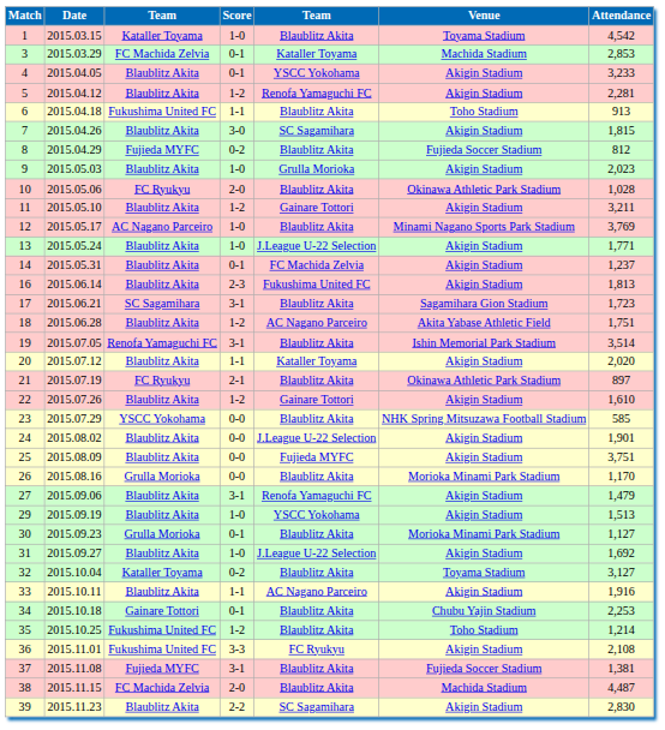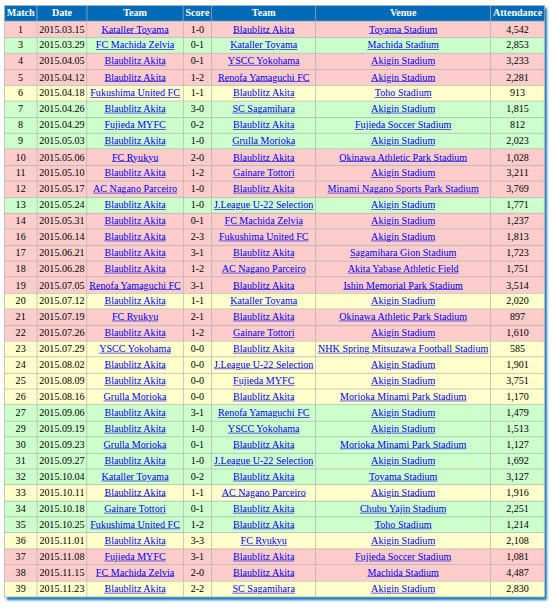 <table class="wikitable" border="double #006AB6" style="text-align:center; white-space:nowrap; box-shadow: 4px 4px 4px #006AB6">
 <tr style="background-color:#006AB6; color:#FFF; font-weight:bold;">
 <td>Match</td>
 <td>Date</td>
 <td>Team</td>
 <td>Score</td>
 <td>Team</td>
 <td>Venue</td>
 <td>Attendance</td>
 </tr>
 <tr style="background-color: #FFCCCC;">
 <td>1</td>
 <td>2015.03.15</td>
 <td><a href='#'>Kataller Toyama</a></td>
 <td>1-0</td>
 <td><a href='#'>Blaublitz Akita</a></td>
 <td><a href='#'>Toyama Stadium</a></td>
 <td>4,542</td>
 </tr>
 <tr style="background-color: #CCFFCC;">
 <td>3</td>
 <td>2015.03.29</td>
 <td><a href='#'>FC Machida Zelvia</a></td>
 <td>0-1</td>
 <td><a href='#'>Kataller Toyama</a></td>
 <td><a href='#'>Machida Stadium</a></td>
 <td>2,853</td>
 </tr>
 <tr style="background-color: #FFCCCC;">
 <td>4</td>
 <td>2015.04.05</td>
 <td><a href='#'>Blaublitz Akita</a></td>
 <td>0-1</td>
 <td><a href='#'>YSCC Yokohama</a></td>
 <td><a href='#'>Akigin Stadium</a></td>
 <td>3,233</td>
 </tr>
 <tr style="background-color: #FFCCCC;">
 <td>5</td>
 <td>2015.04.12</td>
 <td><a href='#'>Blaublitz Akita</a></td>
 <td>1-2</td>
 <td><a href='#'>Renofa Yamaguchi FC</a></td>
 <td><a href='#'>Akigin Stadium</a></td>
 <td>2,281</td>
 </tr>
 <tr style="background-color: #FFFFCC;">
 <td>6</td>
 <td>2015.04.18</td>
 <td><a href='#'>Fukushima United FC</a></td>
 <td>1-1</td>
 <td><a href='#'>Blaublitz Akita</a></td>
 <td><a href='#'>Toho Stadium</a></td>
 <td>913</td>
 </tr>
 <tr style="background-color: #CCFFCC;">
 <td>7</td>
 <td>2015.04.26</td>
 <td><a href='#'>Blaublitz Akita</a></td>
 <td>3-0</td>
 <td><a href='#'>SC Sagamihara</a></td>
 <td><a href='#'>Akigin Stadium</a></td>
 <td>1,815</td>
 </tr>
 <tr style="background-color: #CCFFCC;">
 <td>8</td>
 <td>2015.04.29</td>
 <td><a href='#'>Fujieda MYFC</a></td>
 <td>0-2</td>
 <td><a href='#'>Blaublitz Akita</a></td>
 <td><a href='#'>Fujieda Soccer Stadium</a></td>
 <td>812</td>
 </tr>
 <tr style="background-color: #CCFFCC;">
 <td>9</td>
 <td>2015.05.03</td>
 <td><a href='#'>Blaublitz Akita</a></td>
 <td>1-0</td>
 <td><a href='#'>Grulla Morioka</a></td>
 <td><a href='#'>Akigin Stadium</a></td>
 <td>2,023</td>
 </tr>
 <tr style="background-color: #FFCCCC;">
 <td>10</td>
 <td>2015.05.06</td>
 <td><a href='#'>FC Ryukyu</a></td>
 <td>2-0</td>
 <td><a href='#'>Blaublitz Akita</a></td>
 <td><a href='#'>Okinawa Athletic Park Stadium</a></td>
 <td>1,028</td>
 </tr>
 <tr style="background-color: #FFCCCC;">
 <td>11</td>
 <td>2015.05.10</td>
 <td><a href='#'>Blaublitz Akita</a></td>
 <td>1-2</td>
 <td><a href='#'>Gainare Tottori</a></td>
 <td><a href='#'>Akigin Stadium</a></td>
 <td>3,211</td>
 </tr>
 <tr style="background-color: #FFCCCC;">
 <td>12</td>
 <td>2015.05.17</td>
 <td><a href='#'>AC Nagano Parceiro</a></td>
 <td>1-0</td>
 <td><a href='#'>Blaublitz Akita</a></td>
 <td><a href='#'>Minami Nagano Sports Park Stadium</a></td>
 <td>3,769</td>
 </tr>
 <tr style="background-color: #CCFFCC;">
 <td>13</td>
 <td>2015.05.24</td>
 <td><a href='#'>Blaublitz Akita</a></td>
 <td>1-0</td>
 <td><a href='#'>J.League U-22 Selection</a></td>
 <td><a href='#'>Akigin Stadium</a></td>
 <td>1,771</td>
 </tr>
 <tr style="background-color: #FFCCCC;">
 <td>14</td>
 <td>2015.05.31</td>
 <td><a href='#'>Blaublitz Akita</a></td>
 <td>0-1</td>
 <td><a href='#'>FC Machida Zelvia</a></td>
 <td><a href='#'>Akigin Stadium</a></td>
 <td>1,237</td>
 </tr>
 <tr style="background-color: #FFCCCC;">
 <td>16</td>
 <td>2015.06.14</td>
 <td><a href='#'>Blaublitz Akita</a></td>
 <td>2-3</td>
 <td><a href='#'>Fukushima United FC</a></td>
 <td><a href='#'>Akigin Stadium</a></td>
 <td>1,813</td>
 </tr>
 <tr style="background-color: #FFCCCC;">
 <td>17</td>
 <td>2015.06.21</td>
-<td><a href='#'>SC Sagamihara</a></td>
+<td><a href='#'>Blaublitz Akita</a></td>
 <td>3-1</td>
 <td><a href='#'>Blaublitz Akita</a></td>
 <td><a href='#'>Sagamihara Gion Stadium</a></td>
 <td>1,723</td>
 </tr>
 <tr style="background-color: #FFCCCC;">
 <td>18</td>
 <td>2015.06.28</td>
 <td><a href='#'>Blaublitz Akita</a></td>
 <td>1-2</td>
 <td><a href='#'>AC Nagano Parceiro</a></td>
 <td><a href='#'>Akita Yabase Athletic Field</a></td>
 <td>1,751</td>
 </tr>
 <tr style="background-color: #FFCCCC;">
 <td>19</td>
 <td>2015.07.05</td>
 <td><a href='#'>Renofa Yamaguchi FC</a></td>
 <td>3-1</td>
 <td><a href='#'>Blaublitz Akita</a></td>
 <td><a href='#'>Ishin Memorial Park Stadium</a></td>
 <td>3,514</td>
 </tr>
 <tr style="background-color: #FFFFCC;">
 <td>20</td>
 <td>2015.07.12</td>
 <td><a href='#'>Blaublitz Akita</a></td>
 <td>1-1</td>
 <td><a href='#'>Kataller Toyama</a></td>
 <td><a href='#'>Akigin Stadium</a></td>
 <td>2,020</td>
 </tr>
 <tr style="background-color: #FFCCCC;">
 <td>21</td>
 <td>2015.07.19</td>
 <td><a href='#'>FC Ryukyu</a></td>
 <td>2-1</td>
 <td><a href='#'>Blaublitz Akita</a></td>
 <td><a href='#'>Okinawa Athletic Park Stadium</a></td>
 <td>897</td>
 </tr>
 <tr style="background-color: #FFCCCC;">
 <td>22</td>
 <td>2015.07.26</td>
 <td><a href='#'>Blaublitz Akita</a></td>
 <td>1-2</td>
 <td><a href='#'>Gainare Tottori</a></td>
 <td><a href='#'>Akigin Stadium</a></td>
 <td>1,610</td>
 </tr>
 <tr style="background-color: #FFFFCC;">
 <td>23</td>
 <td>2015.07.29</td>
 <td><a href='#'>YSCC Yokohama</a></td>
 <td>0-0</td>
 <td><a href='#'>Blaublitz Akita</a></td>
 <td><a href='#'>NHK Spring Mitsuzawa Football Stadium</a></td>
 <td>585</td>
 </tr>
 <tr style="background-color: #FFFFCC;">
 <td>24</td>
 <td>2015.08.02</td>
 <td><a href='#'>Blaublitz Akita</a></td>
 <td>0-0</td>
 <td><a href='#'>J.League U-22 Selection</a></td>
 <td><a href='#'>Akigin Stadium</a></td>
 <td>1,901</td>
 </tr>
 <tr style="background-color: #FFFFCC;">
 <td>25</td>
 <td>2015.08.09</td>
 <td><a href='#'>Blaublitz Akita</a></td>
 <td>0-0</td>
 <td><a href='#'>Fujieda MYFC</a></td>
 <td><a href='#'>Akigin Stadium</a></td>
 <td>3,751</td>
 </tr>
 <tr style="background-color: #FFFFCC;">
 <td>26</td>
 <td>2015.08.16</td>
 <td><a href='#'>Grulla Morioka</a></td>
 <td>0-0</td>
 <td><a href='#'>Blaublitz Akita</a></td>
 <td><a href='#'>Morioka Minami Park Stadium</a></td>
 <td>1,170</td>
 </tr>
 <tr style="background-color: #CCFFCC;">
 <td>27</td>
 <td>2015.09.06</td>
 <td><a href='#'>Blaublitz Akita</a></td>
 <td>3-1</td>
 <td><a href='#'>Renofa Yamaguchi FC</a></td>
 <td><a href='#'>Akigin Stadium</a></td>
 <td>1,479</td>
 </tr>
 <tr style="background-color: #CCFFCC;">
 <td>29</td>
 <td>2015.09.19</td>
 <td><a href='#'>Blaublitz Akita</a></td>
 <td>1-0</td>
 <td><a href='#'>YSCC Yokohama</a></td>
 <td><a href='#'>Akigin Stadium</a></td>
 <td>1,513</td>
 </tr>
 <tr style="background-color: #CCFFCC;">
 <td>30</td>
 <td>2015.09.23</td>
 <td><a href='#'>Grulla Morioka</a></td>
 <td>0-1</td>
 <td><a href='#'>Blaublitz Akita</a></td>
 <td><a href='#'>Morioka Minami Park Stadium</a></td>
 <td>1,127</td>
 </tr>
 <tr style="background-color: #CCFFCC;">
 <td>31</td>
 <td>2015.09.27</td>
 <td><a href='#'>Blaublitz Akita</a></td>
 <td>1-0</td>
 <td><a href='#'>J.League U-22 Selection</a></td>
 <td><a href='#'>Akigin Stadium</a></td>
 <td>1,692</td>
 </tr>
 <tr style="background-color: #CCFFCC;">
 <td>32</td>
 <td>2015.10.04</td>
 <td><a href='#'>Kataller Toyama</a></td>
 <td>0-2</td>
 <td><a href='#'>Blaublitz Akita</a></td>
 <td><a href='#'>Toyama Stadium</a></td>
 <td>3,127</td>
 </tr>
 <tr style="background-color: #FFFFCC;">
 <td>33</td>
 <td>2015.10.11</td>
 <td><a href='#'>Blaublitz Akita</a></td>
 <td>1-1</td>
 <td><a href='#'>AC Nagano Parceiro</a></td>
 <td><a href='#'>Akigin Stadium</a></td>
 <td>1,916</td>
 </tr>
 <tr style="background-color: #CCFFCC;">
 <td>34</td>
 <td>2015.10.18</td>
 <td><a href='#'>Gainare Tottori</a></td>
 <td>0-1</td>
 <td><a href='#'>Blaublitz Akita</a></td>
 <td><a href='#'>Chubu Yajin Stadium</a></td>
-<td>2,253</td>
+<td>2,251</td>
 </tr>
 <tr style="background-color: #CCFFCC;">
 <td>35</td>
 <td>2015.10.25</td>
 <td><a href='#'>Fukushima United FC</a></td>
 <td>1-2</td>
 <td><a href='#'>Blaublitz Akita</a></td>
 <td><a href='#'>Toho Stadium</a></td>
 <td>1,214</td>
 </tr>
 <tr style="background-color: #FFFFCC;">
 <td>36</td>
 <td>2015.11.01</td>
-<td><a href='#'>Fukushima United FC</a></td>
+<td><a href='#'>Blaublitz Akita</a></td>
 <td>3-3</td>
 <td><a href='#'>FC Ryukyu</a></td>
 <td><a href='#'>Akigin Stadium</a></td>
 <td>2,108</td>
 </tr>
 <tr style="background-color: #FFCCCC;">
 <td>37</td>
 <td>2015.11.08</td>
 <td><a href='#'>Fujieda MYFC</a></td>
 <td>3-1</td>
 <td><a href='#'>Blaublitz Akita</a></td>
 <td><a href='#'>Fujieda Soccer Stadium</a></td>
-<td>1,381</td>
+<td>1,081</td>
 </tr>
 <tr style="background-color: #FFCCCC;">
 <td>38</td>
 <td>2015.11.15</td>
 <td><a href='#'>FC Machida Zelvia</a></td>
 <td>2-0</td>
 <td><a href='#'>Blaublitz Akita</a></td>
 <td><a href='#'>Machida Stadium</a></td>
 <td>4,487</td>
 </tr>
 <tr style="background-color: #FFFFCC;">
 <td>39</td>
 <td>2015.11.23</td>
 <td><a href='#'>Blaublitz Akita</a></td>
 <td>2-2</td>
 <td><a href='#'>SC Sagamihara</a></td>
 <td><a href='#'>Akigin Stadium</a></td>
 <td>2,830</td>
 </tr>
 </table>
